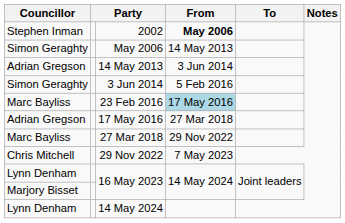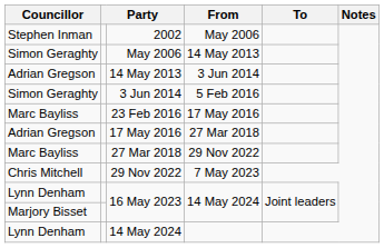 <table class=wikitable>
 <tr>
 <th>Councillor</th>
 <th colspan=2>Party</th>
 <th>From</th>
 <th>To</th>
 <th>Notes</th>
 </tr>
 <tr>
 <td>Stephen Inman</td>
 <td></td>
 <td align=right>2002</td>
-<td align=right><strong>May 2006</strong></td>
+<td align=right>May 2006</td>
 <td></td>
 </tr>
 <tr>
 <td>Simon Geraghty</td>
 <td></td>
 <td align=right>May 2006</td>
 <td align=right>14 May 2013</td>
 <td></td>
 </tr>
 <tr>
 <td>Adrian Gregson</td>
 <td></td>
 <td align=right>14 May 2013</td>
 <td align=right>3 Jun 2014</td>
 <td></td>
 </tr>
 <tr>
 <td>Simon Geraghty</td>
 <td></td>
 <td align=right>3 Jun 2014</td>
 <td align=right>5 Feb 2016</td>
 <td></td>
 </tr>
 <tr>
 <td>Marc Bayliss</td>
 <td></td>
 <td align=right>23 Feb 2016</td>
-<td align=right style="background: lightblue;">17 May 2016</td>
+<td align=right>17 May 2016</td>
 <td></td>
 </tr>
 <tr>
 <td>Adrian Gregson</td>
 <td></td>
 <td align=right>17 May 2016</td>
 <td align=right>27 Mar 2018</td>
 <td></td>
 </tr>
 <tr>
 <td>Marc Bayliss</td>
 <td></td>
 <td align=right>27 Mar 2018</td>
 <td align=right>29 Nov 2022</td>
 <td></td>
 </tr>
 <tr>
 <td>Chris Mitchell</td>
 <td></td>
 <td align=right>29 Nov 2022</td>
 <td align=right>7 May 2023</td>
 </tr>
 <tr>
 <td>Lynn Denham</td>
 <td></td>
 <td rowspan=2 align=right>16 May 2023</td>
 <td rowspan=2 align=right>14 May 2024</td>
 <td rowspan=2 align=left>Joint leaders</td>
 </tr>
 <tr>
 <td>Marjory Bisset</td>
 <td></td>
 </tr>
 <tr>
 <td>Lynn Denham</td>
 <td></td>
 <td align=right>14 May 2024</td>
 <td align=right></td>
 </tr>
 </table>
